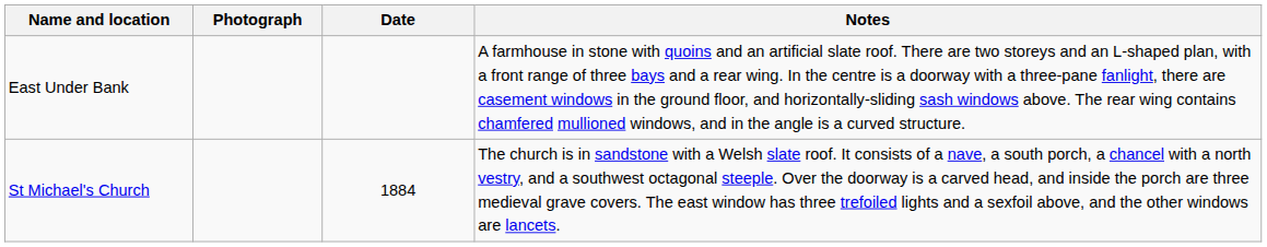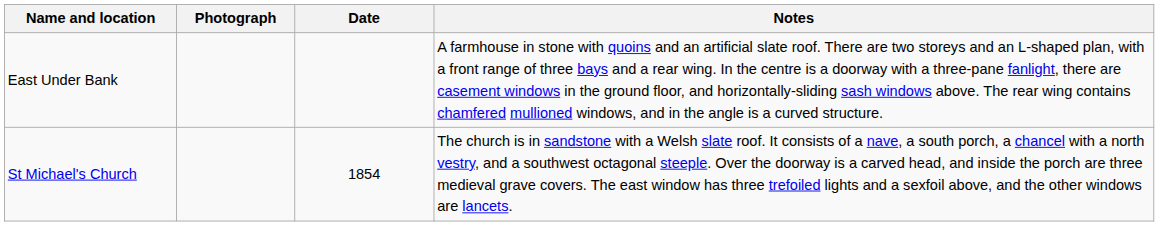 <table class="wikitable sortable plainrowheaders" style="width:100%;border:0px;text-align:left;line-height:150%;">
 <tr>
 <th scope="col"  style="width:150px">Name and location</th>
 <th scope="col"  style="width:100px" class="unsortable">Photograph</th>
 <th scope="col"  style="width:120px">Date</th>
 <th scope="col"  style="width:650px" class ="unsortable">Notes</th>
 </tr>
 <tr>
 <td>East Under Bank<br><small></small></td>
 <td></td>
 <td align="center"></td>
 <td>A farmhouse in stone with <a href='#'>quoins</a> and an artificial slate roof. There are two storeys and an L-shaped plan, with a front range of three <a href='#'>bays</a> and a rear wing. In the centre is a doorway with a three-pane <a href='#'>fanlight</a>, there are <a href='#'>casement windows</a> in the ground floor, and horizontally-sliding <a href='#'>sash windows</a> above. The rear wing contains <a href='#'>chamfered</a> <a href='#'>mullioned</a> windows, and in the angle is a curved structure.</td>
 </tr>
 <tr>
 <td><a href='#'>St Michael's Church</a><br><small></small></td>
 <td></td>
-<td align="center">1884</td>
+<td align="center">1854</td>
 <td>The church is in <a href='#'>sandstone</a> with a Welsh <a href='#'>slate</a> roof. It consists of a <a href='#'>nave</a>, a south porch, a <a href='#'>chancel</a> with a north <a href='#'>vestry</a>, and a southwest octagonal <a href='#'>steeple</a>. Over the doorway is a carved head, and inside the porch are three medieval grave covers. The east window has three <a href='#'>trefoiled</a> lights and a sexfoil above, and the other windows are <a href='#'>lancets</a>.</td>
 </tr>
 <tr>
 </tr>
 </table>
